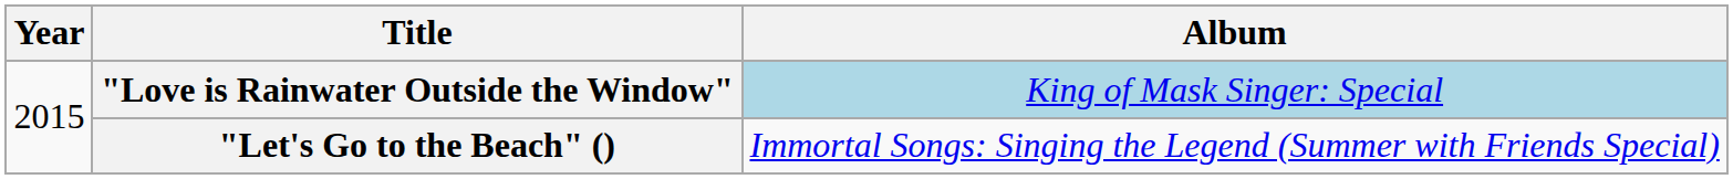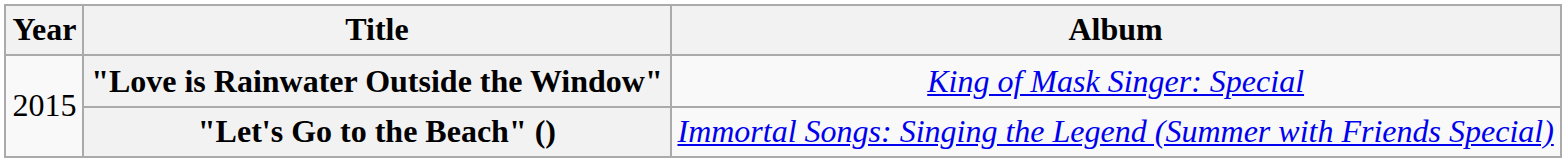 <table class="wikitable plainrowheaders" style="text-align:center">
 <tr>
 <th scope="col">Year</th>
 <th scope="col">Title</th>
 <th>Album</th>
 </tr>
 <tr>
 <td rowspan="2">2015</td>
 <th scope="row">"Love is Rainwater Outside the Window" <br></th>
-<td style="background: lightblue;"><em><a href='#'>King of Mask Singer: Special</a></em></td>
+<td><em><a href='#'>King of Mask Singer: Special</a></em></td>
 </tr>
 <tr>
 <th scope="row">"Let's Go to the Beach" ()</th>
 <td><em><a href='#'>Immortal Songs: Singing the Legend (Summer with Friends Special)</a></em></td>
 </tr>
 </table>
